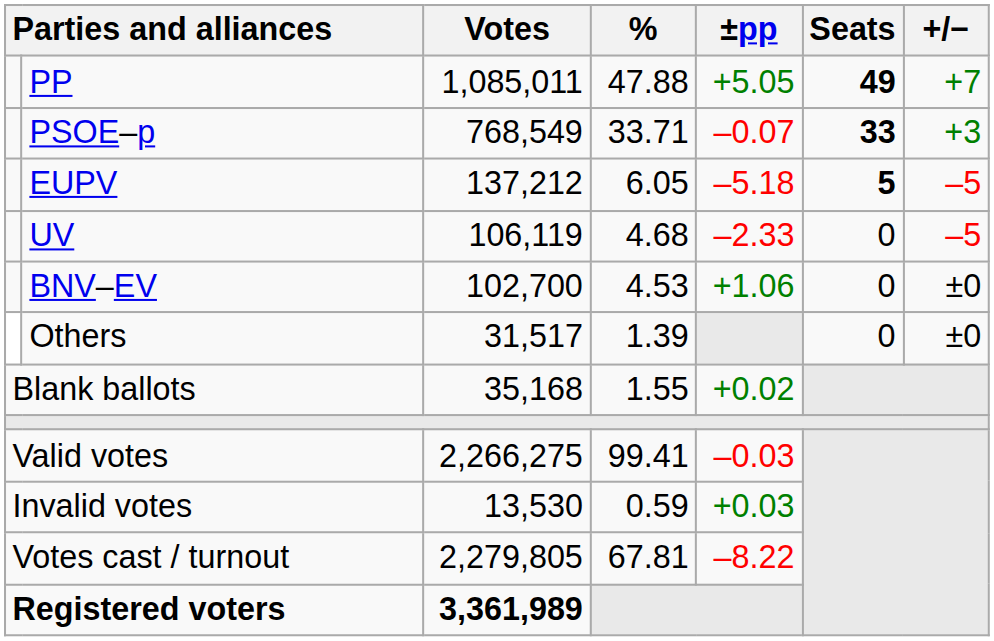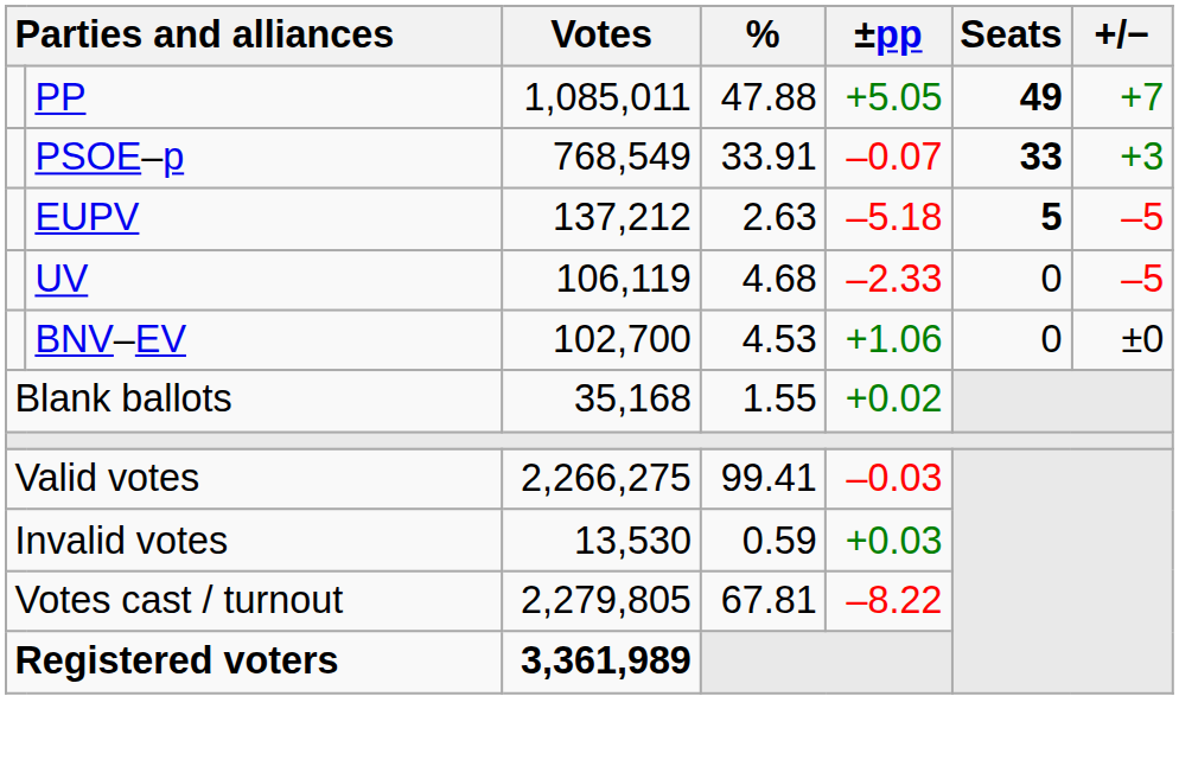 <table class="wikitable" style="text-align:right;">
 <tr>
 <th style="text-align:left;" colspan="2" width="200">Parties and alliances</th>
 <th width="75">Votes</th>
 <th width="45">%</th>
 <th width="45">±<a href='#'>pp</a></th>
 <th width="35">Seats</th>
 <th width="35">+/−</th>
 </tr>
 <tr>
 <td width="1" style="color:inherit;background:"></td>
 <td align="left"><a href='#'>PP</a></td>
 <td>1,085,011</td>
 <td>47.88</td>
 <td style="color:green;">+5.05</td>
 <td><strong>49</strong></td>
 <td style="color:green;">+7</td>
 </tr>
 <tr>
 <td style="color:inherit;background:"></td>
 <td align="left"><a href='#'>PSOE</a>–<a href='#'>p</a></td>
 <td>768,549</td>
-<td>33.71</td>
+<td>33.91</td>
 <td style="color:red;">–0.07</td>
 <td><strong>33</strong></td>
 <td style="color:green;">+3</td>
 </tr>
 <tr>
 <td style="color:inherit;background:"></td>
 <td align="left"><a href='#'>EUPV</a></td>
 <td>137,212</td>
-<td>6.05</td>
+<td>2.63</td>
 <td style="color:red;">–5.18</td>
 <td><strong>5</strong></td>
 <td style="color:red;">–5</td>
 </tr>
 <tr>
 <td style="color:inherit;background:"></td>
 <td align="left"><a href='#'>UV</a></td>
 <td>106,119</td>
 <td>4.68</td>
 <td style="color:red;">–2.33</td>
 <td>0</td>
 <td style="color:red;">–5</td>
 </tr>
 <tr>
 <td style="color:inherit;background:"></td>
 <td align="left"><a href='#'>BNV</a>–<a href='#'>EV</a></td>
 <td>102,700</td>
 <td>4.53</td>
 <td style="color:green;">+1.06</td>
-<td>0</td>
-<td>±0</td>
-</tr>
-<tr>
-<td bgcolor="white"></td>
-<td align="left">Others</td>
-<td>31,517</td>
-<td>1.39</td>
-<td bgcolor="#E9E9E9"></td>
 <td>0</td>
 <td>±0</td>
 </tr>
 <tr>
 <td align="left" colspan="2">Blank ballots</td>
 <td>35,168</td>
 <td>1.55</td>
 <td style="color:green;">+0.02</td>
 <td bgcolor="#E9E9E9" colspan="2"></td>
 </tr>
 <tr>
 <td colspan="7" bgcolor="#E9E9E9"></td>
 </tr>
 <tr>
 <td align="left" colspan="2">Valid votes</td>
 <td>2,266,275</td>
 <td>99.41</td>
 <td style="color:red;">–0.03</td>
 <td bgcolor="#E9E9E9" colspan="2" rowspan="4"></td>
 </tr>
 <tr>
 <td align="left" colspan="2">Invalid votes</td>
 <td>13,530</td>
 <td>0.59</td>
 <td style="color:green;">+0.03</td>
 </tr>
 <tr>
 <td align="left" colspan="2">Votes cast / turnout</td>
 <td>2,279,805</td>
 <td>67.81</td>
 <td style="color:red;">–8.22</td>
 </tr>
 <tr style="font-weight:bold;">
 <td align="left" colspan="2">Registered voters</td>
 <td>3,361,989</td>
 <td bgcolor="#E9E9E9" colspan="2"></td>
 </tr>
 </table>
